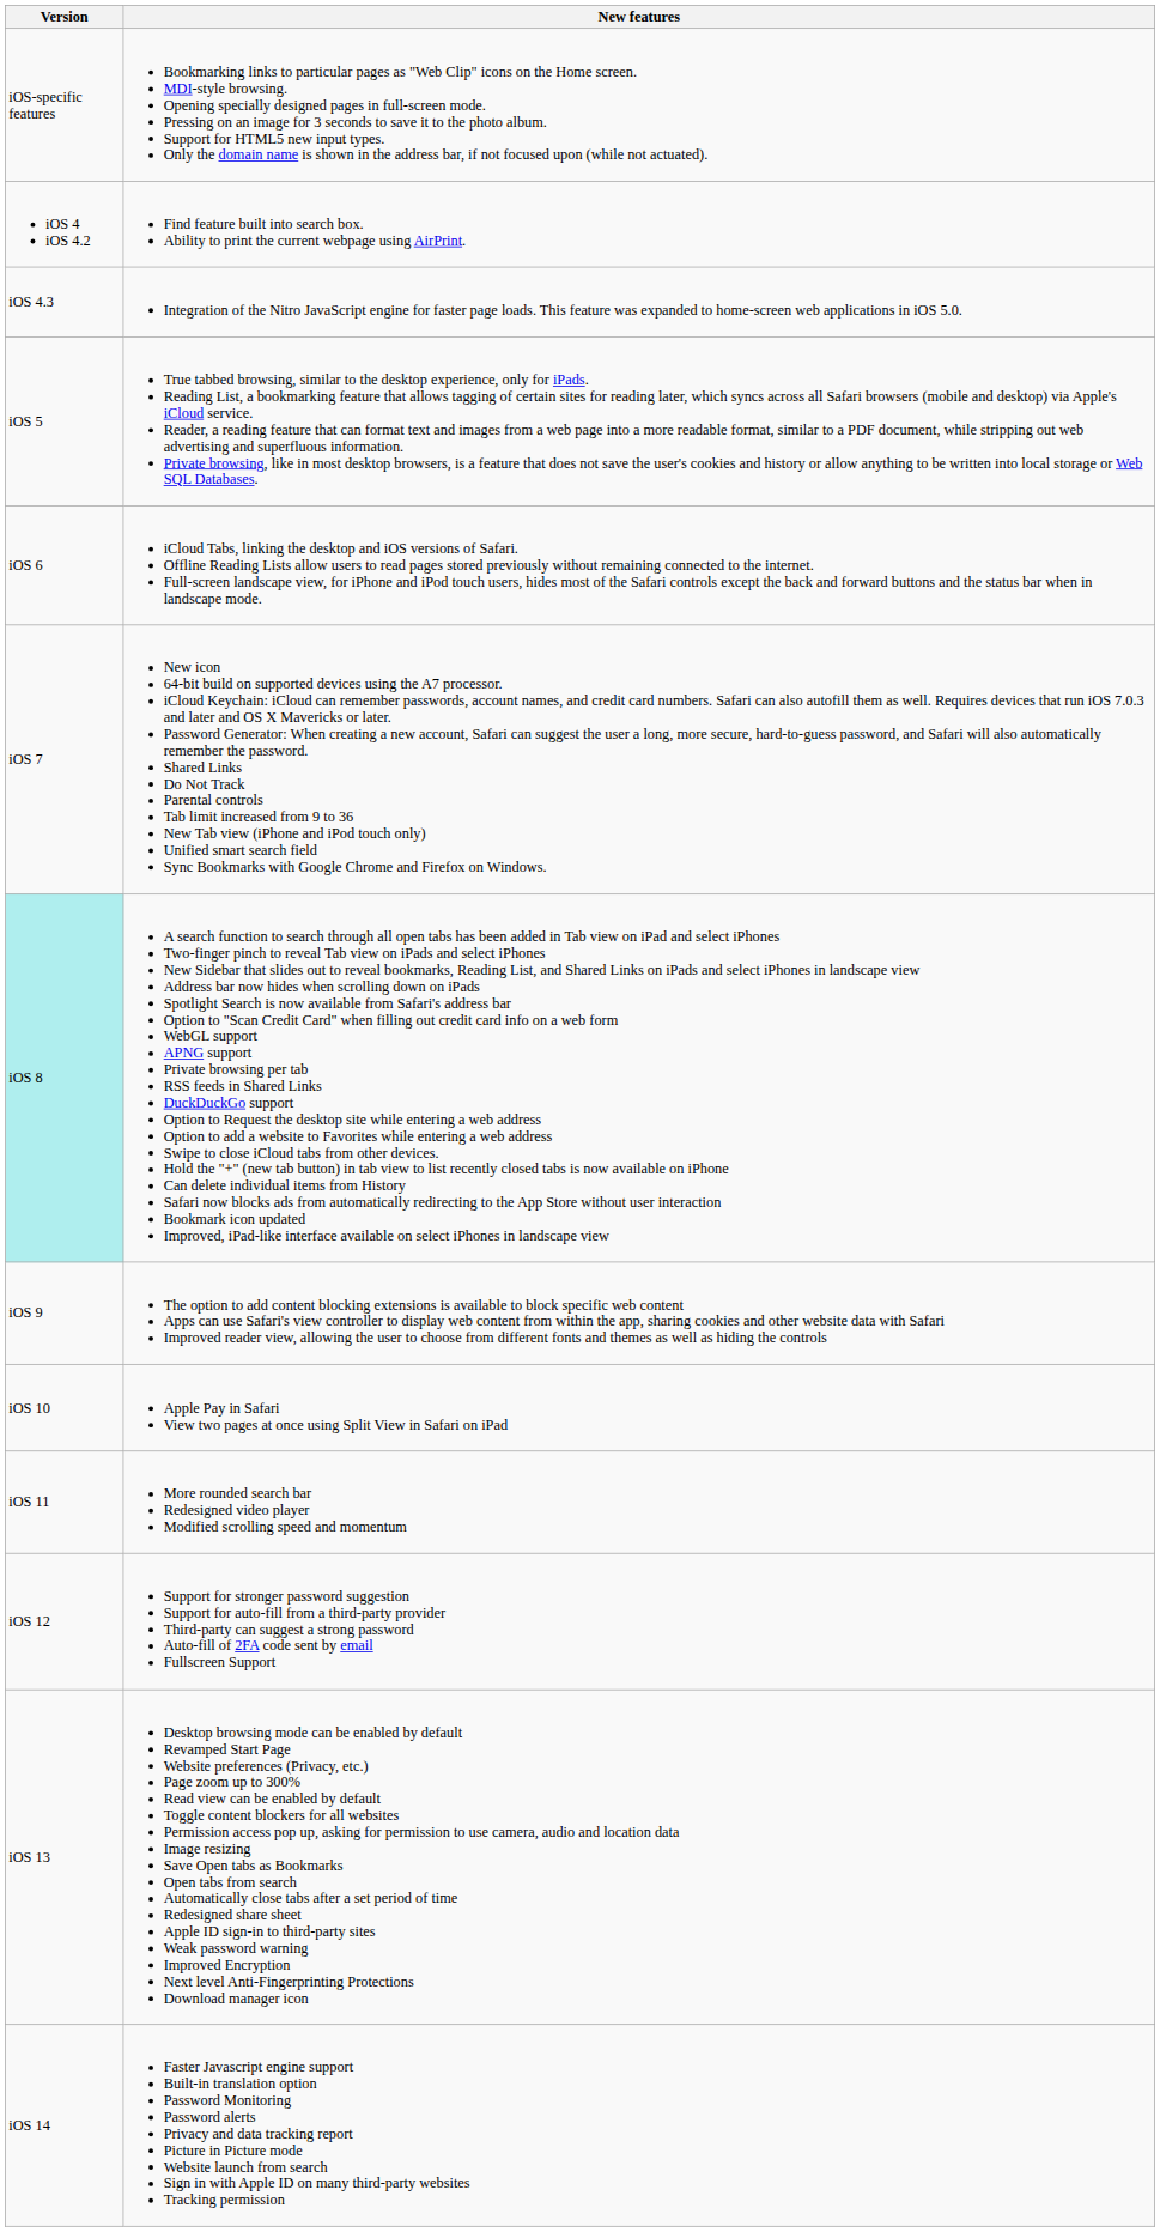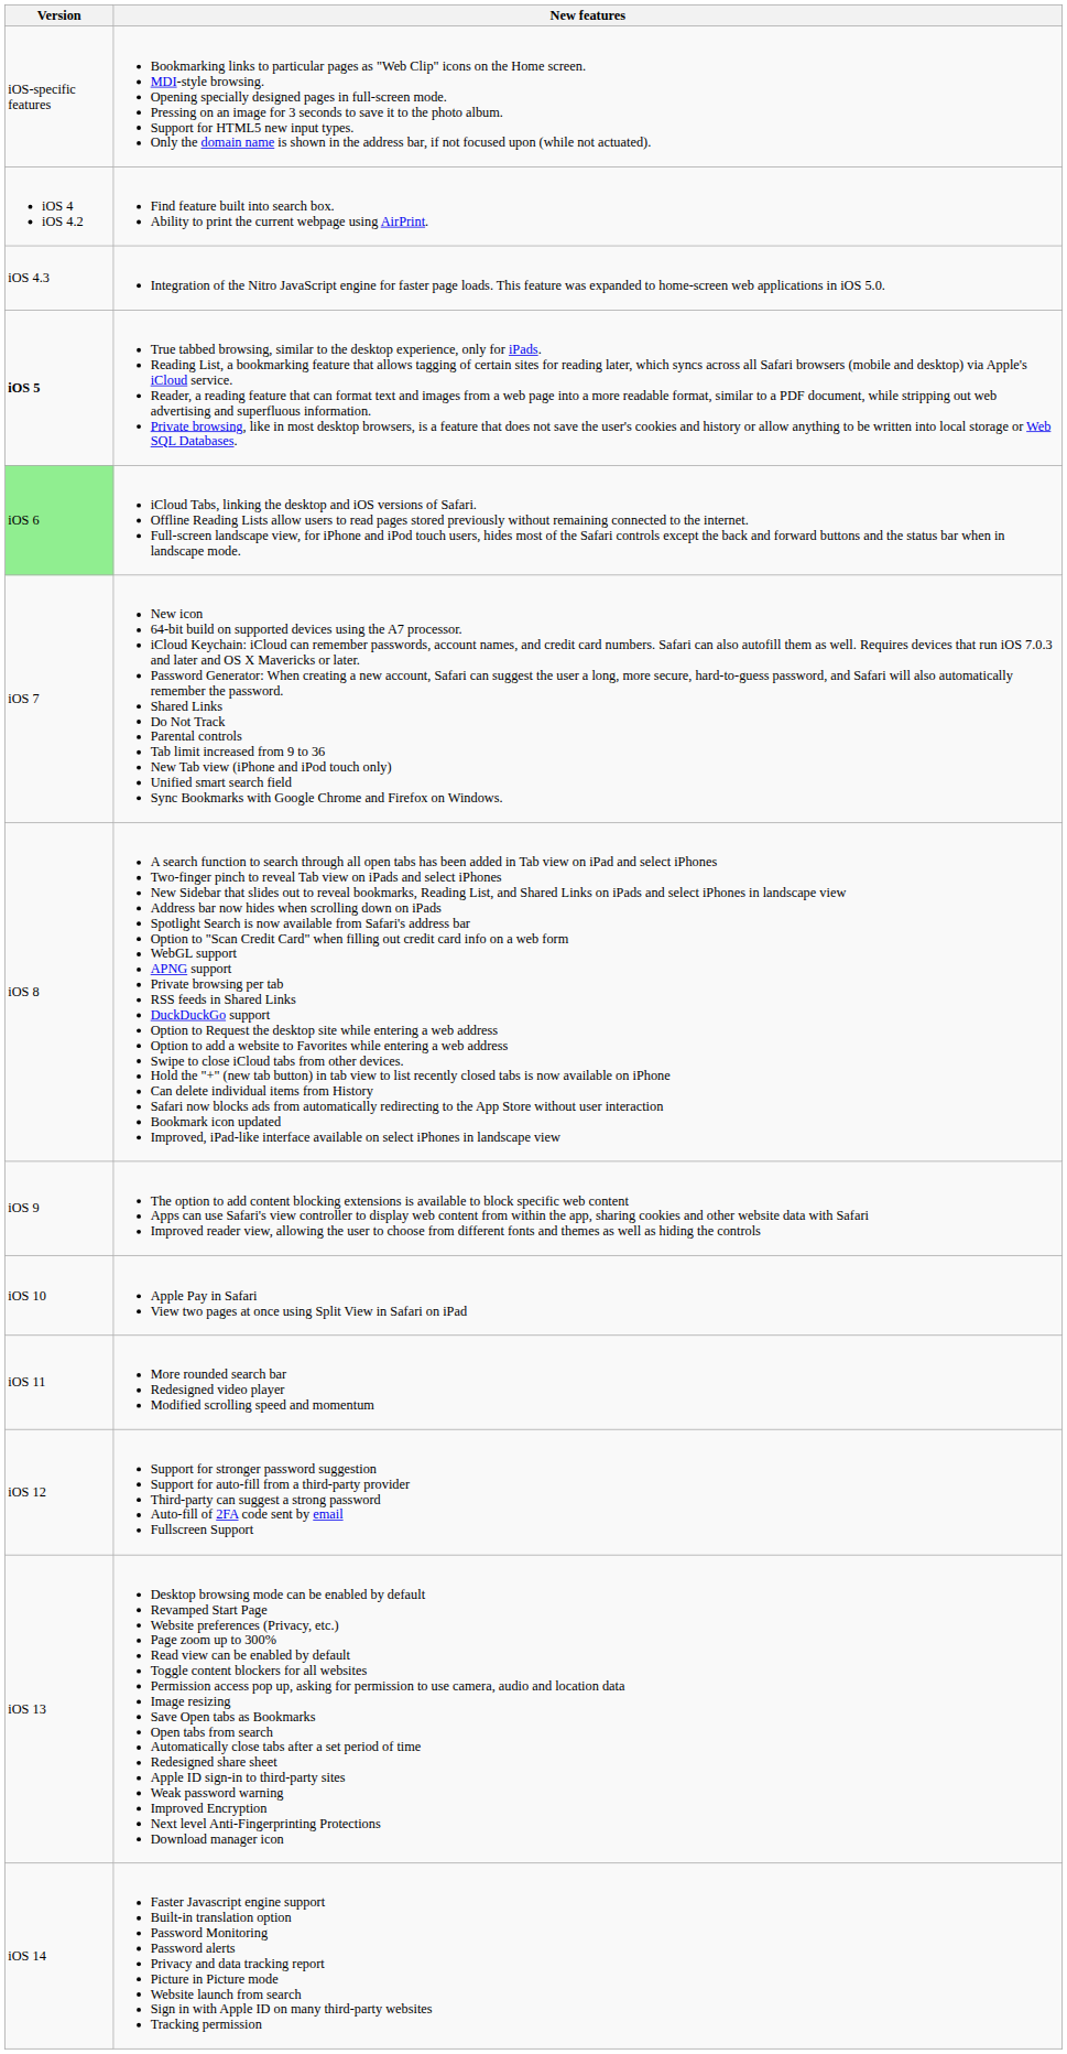 <table class="wikitable sortable mw-collapsible mw-collapsed">
 <tr>
 <th>Version</th>
 <th>New features</th>
 </tr>
 <tr>
 <td>iOS-specific features</td>
 <td><br><ul><li>Bookmarking links to particular pages as "Web Clip" icons on the Home screen.</li><li><a href='#'>MDI</a>-style browsing.</li><li>Opening specially designed pages in full-screen mode.</li><li>Pressing on an image for 3 seconds to save it to the photo album.</li><li>Support for HTML5 new input types.</li><li>Only the <a href='#'>domain name</a> is shown in the address bar, if not focused upon (while not actuated).</li></ul></td>
 </tr>
 <tr>
 <td><br><ul><li>iOS 4</li><li>iOS 4.2</li></ul></td>
 <td><br><ul><li>Find feature built into search box.</li><li>Ability to print the current webpage using <a href='#'>AirPrint</a>.</li></ul></td>
 </tr>
 <tr>
 <td>iOS 4.3</td>
 <td><br><ul><li>Integration of the Nitro JavaScript engine for faster page loads. This feature was expanded to home-screen web applications in iOS 5.0.</li></ul></td>
 </tr>
 <tr>
-<td>iOS 5</td>
+<td><strong>iOS 5</strong></td>
 <td><br><ul><li>True tabbed browsing, similar to the desktop experience, only for <a href='#'>iPads</a>.</li><li>Reading List, a bookmarking feature that allows tagging of certain sites for reading later, which syncs across all Safari browsers (mobile and desktop) via Apple's <a href='#'>iCloud</a> service.</li><li>Reader, a reading feature that can format text and images from a web page into a more readable format, similar to a PDF document, while stripping out web advertising and superfluous information.</li><li><a href='#'>Private browsing</a>, like in most desktop browsers, is a feature that does not save the user's cookies and history or allow anything to be written into local storage or <a href='#'>Web SQL Databases</a>.</li></ul></td>
 </tr>
 <tr>
-<td>iOS 6</td>
+<td style="background: lightgreen;">iOS 6</td>
 <td><br><ul><li>iCloud Tabs, linking the desktop and iOS versions of Safari.</li><li>Offline Reading Lists allow users to read pages stored previously without remaining connected to the internet.</li><li>Full-screen landscape view, for iPhone and iPod touch users, hides most of the Safari controls except the back and forward buttons and the status bar when in landscape mode.</li></ul></td>
 </tr>
 <tr>
 <td>iOS 7</td>
 <td><br><ul><li>New icon</li><li>64-bit build on supported devices using the A7 processor.</li><li>iCloud Keychain: iCloud can remember passwords, account names, and credit card numbers. Safari can also autofill them as well. Requires devices that run iOS 7.0.3 and later and OS X Mavericks or later.</li><li>Password Generator: When creating a new account, Safari can suggest the user a long, more secure, hard-to-guess password, and Safari will also automatically remember the password.</li><li>Shared Links</li><li>Do Not Track</li><li>Parental controls</li><li>Tab limit increased from 9 to 36</li><li>New Tab view (iPhone and iPod touch only)</li><li>Unified smart search field</li><li>Sync Bookmarks with Google Chrome and Firefox on Windows.</li></ul></td>
 </tr>
 <tr>
-<td style="background: paleturquoise;">iOS 8</td>
+<td>iOS 8</td>
 <td><br><ul><li>A search function to search through all open tabs has been added in Tab view on iPad and select iPhones</li><li>Two-finger pinch to reveal Tab view on iPads and select iPhones</li><li>New Sidebar that slides out to reveal bookmarks, Reading List, and Shared Links on iPads and select iPhones in landscape view</li><li>Address bar now hides when scrolling down on iPads</li><li>Spotlight Search is now available from Safari's address bar</li><li>Option to "Scan Credit Card" when filling out credit card info on a web form</li><li>WebGL support</li><li><a href='#'>APNG</a> support</li><li>Private browsing per tab</li><li>RSS feeds in Shared Links</li><li><a href='#'>DuckDuckGo</a> support</li><li>Option to Request the desktop site while entering a web address</li><li>Option to add a website to Favorites while entering a web address</li><li>Swipe to close iCloud tabs from other devices.</li><li>Hold the "+" (new tab button) in tab view to list recently closed tabs is now available on iPhone</li><li>Can delete individual items from History</li><li>Safari now blocks ads from automatically redirecting to the App Store without user interaction</li><li>Bookmark icon updated</li><li>Improved, iPad-like interface available on select iPhones in landscape view</li></ul></td>
 </tr>
 <tr>
 <td>iOS 9</td>
 <td><br><ul><li>The option to add content blocking extensions is available to block specific web content</li><li>Apps can use Safari's view controller to display web content from within the app, sharing cookies and other website data with Safari</li><li>Improved reader view, allowing the user to choose from different fonts and themes as well as hiding the controls</li></ul></td>
 </tr>
 <tr>
 <td>iOS 10</td>
 <td><br><ul><li>Apple Pay in Safari</li><li>View two pages at once using Split View in Safari on iPad</li></ul></td>
 </tr>
 <tr>
 <td>iOS 11</td>
 <td><br><ul><li>More rounded search bar</li><li>Redesigned video player</li><li>Modified scrolling speed and momentum</li></ul></td>
 </tr>
 <tr>
 <td>iOS 12</td>
 <td><br><ul><li>Support for stronger password suggestion</li><li>Support for auto-fill from a third-party provider</li><li>Third-party can suggest a strong password</li><li>Auto-fill of <a href='#'>2FA</a> code sent by <a href='#'>email</a></li><li>Fullscreen Support</li></ul></td>
 </tr>
 <tr>
 <td>iOS 13</td>
 <td><br><ul><li>Desktop browsing mode can be enabled by default</li><li>Revamped Start Page</li><li>Website preferences (Privacy, etc.)</li><li>Page zoom up to 300%</li><li>Read view can be enabled by default</li><li>Toggle content blockers for all websites</li><li>Permission access pop up, asking for permission to use camera, audio and location data</li><li>Image resizing</li><li>Save Open tabs as Bookmarks</li><li>Open tabs from search</li><li>Automatically close tabs after a set period of time</li><li>Redesigned share sheet</li><li>Apple ID sign-in to third-party sites</li><li>Weak password warning</li><li>Improved Encryption</li><li>Next level Anti-Fingerprinting Protections</li><li>Download manager icon</li></ul></td>
 </tr>
 <tr>
 <td>iOS 14</td>
 <td><br><ul><li>Faster Javascript engine support</li><li>Built-in translation option</li><li>Password Monitoring</li><li>Password alerts</li><li>Privacy and data tracking report</li><li>Picture in Picture mode</li><li>Website launch from search</li><li>Sign in with Apple ID on many third-party websites</li><li>Tracking permission</li></ul></td>
 </tr>
 </table>
